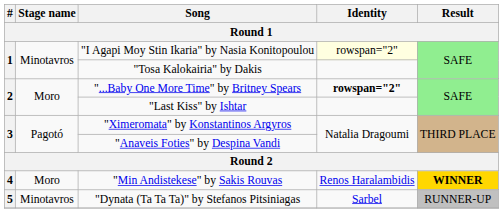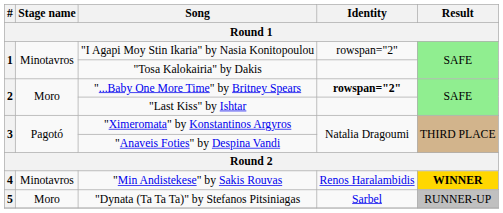 <table class="wikitable plainrowheaders" style="text-align: center;">
 <tr>
 <th>#</th>
 <th>Stage name</th>
 <th>Song</th>
 <th>Identity</th>
 <th>Result</th>
 </tr>
 <tr>
 <th colspan=5>Round 1</th>
 </tr>
 <tr>
 <th rowspan="2">1</th>
 <td rowspan="2">Minotavros</td>
 <td>"I Agapi Moy Stin Ikaria" by Nasia Konitopoulou</td>
-<td style="background: lightyellow;">rowspan="2" </td>
+<td>rowspan="2" </td>
 <td rowspan="2" bgcolor=lightgreen>SAFE</td>
 </tr>
 <tr>
 <td>"Tosa Kalokairia" by Dakis</td>
 </tr>
 <tr>
 <th rowspan="2">2</th>
 <td rowspan="2">Moro</td>
 <td>"<a href='#'>...Baby One More Time</a>" by <a href='#'>Britney Spears</a></td>
 <td><strong>rowspan="2" </strong></td>
 <td rowspan="2" bgcolor=lightgreen>SAFE</td>
 </tr>
 <tr>
 <td>"Last Kiss" by <a href='#'>Ishtar</a></td>
 </tr>
 <tr>
 <th rowspan="2">3</th>
 <td rowspan="2">Pagotó</td>
 <td>"<a href='#'>Ximeromata</a>" by <a href='#'>Konstantinos Argyros</a></td>
 <td rowspan="2">Natalia Dragoumi</td>
 <td rowspan="2" bgcolor=tan>THIRD PLACE</td>
 </tr>
 <tr>
 <td>"<a href='#'>Anaveis Foties</a>" by <a href='#'>Despina Vandi</a></td>
 </tr>
 <tr>
 <th colspan=5>Round 2</th>
 </tr>
 <tr>
 <th>4</th>
-<td>Moro</td>
+<td>Minotavros</td>
 <td>"<a href='#'>Min Andistekese</a>" by <a href='#'>Sakis Rouvas</a></td>
 <td><a href='#'>Renos Haralambidis</a></td>
 <td bgcolor=gold><strong>WINNER</strong></td>
 </tr>
 <tr>
 <th>5</th>
-<td>Minotavros</td>
+<td>Moro</td>
 <td>"Dynata (Ta Ta Ta)" by Stefanos Pitsiniagas</td>
 <td><a href='#'>Sarbel</a></td>
 <td bgcolor=silver>RUNNER-UP</td>
 </tr>
 <tr>
 </tr>
 </table>
